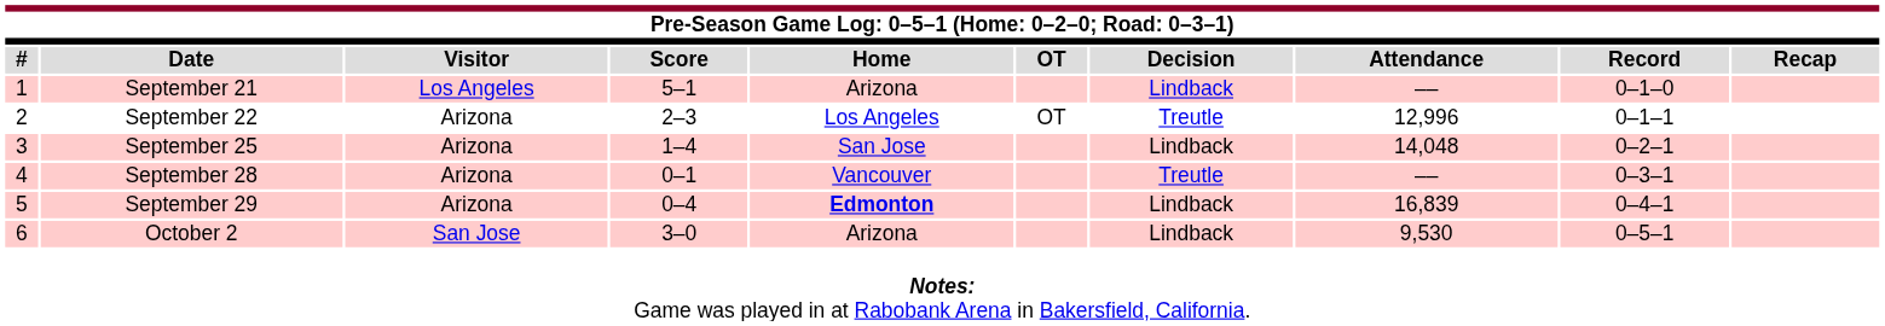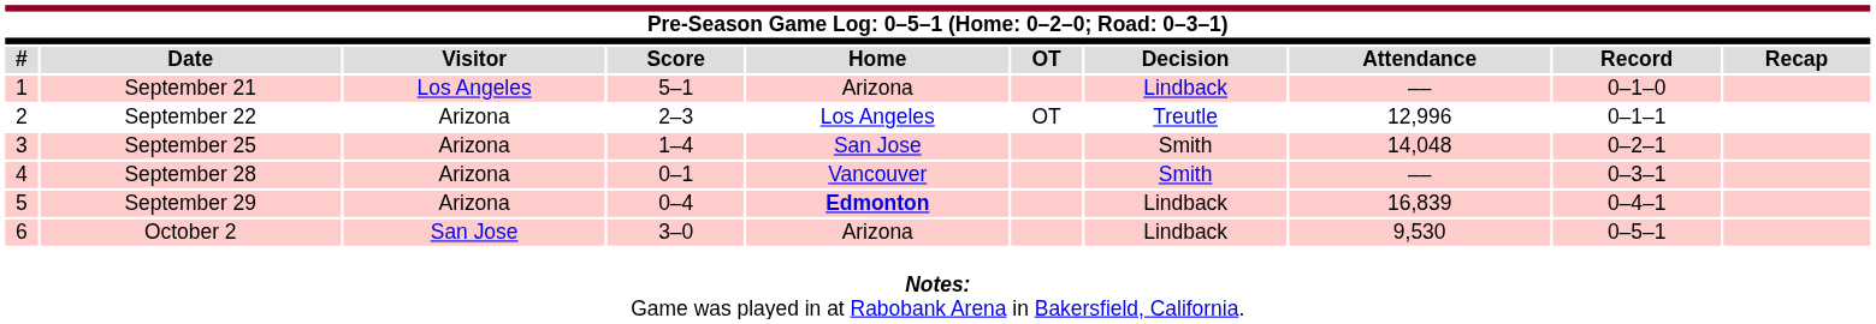 <table class="toccolours collapsible collapsed" style="width:90%; clear:both; margin:1.5em auto; text-align:center;">
 <tr>
 <th colspan=10 style="background:#fff; border-top:#8E0028 5px solid; border-bottom:#000000 5px solid;">Pre-Season Game Log: 0–5–1 (Home: 0–2–0; Road: 0–3–1)</th>
 </tr>
 <tr style="text-align:center; background:#ddd;">
 <th>#</th>
 <th>Date</th>
 <th>Visitor</th>
 <th>Score</th>
 <th>Home</th>
 <th>OT</th>
 <th>Decision</th>
 <th>Attendance</th>
 <th>Record</th>
 <th>Recap</th>
 </tr>
 <tr style="text-align:center; background:#fcc;">
 <td>1</td>
 <td>September 21</td>
 <td><a href='#'>Los Angeles</a></td>
 <td>5–1</td>
 <td>Arizona</td>
 <td></td>
 <td><a href='#'>Lindback</a></td>
 <td>––</td>
 <td>0–1–0</td>
 <td></td>
 </tr>
 <tr style="text-align:center; background:#fff;">
 <td>2</td>
 <td>September 22</td>
 <td>Arizona</td>
 <td>2–3</td>
 <td><a href='#'>Los Angeles</a></td>
 <td>OT</td>
 <td><a href='#'>Treutle</a></td>
 <td>12,996</td>
 <td>0–1–1</td>
 <td></td>
 </tr>
 <tr style="text-align:center; background:#fcc;">
 <td>3</td>
 <td>September 25</td>
 <td>Arizona</td>
 <td>1–4</td>
 <td><a href='#'>San Jose</a></td>
 <td></td>
-<td>Lindback</td>
+<td>Smith</td>
 <td>14,048</td>
 <td>0–2–1</td>
 <td></td>
 </tr>
 <tr style="text-align:center; background:#fcc;">
 <td>4</td>
 <td>September 28</td>
 <td>Arizona</td>
 <td>0–1</td>
 <td><a href='#'>Vancouver</a></td>
 <td></td>
-<td><a href='#'>Treutle</a></td>
+<td><a href='#'>Smith</a></td>
 <td>––</td>
 <td>0–3–1</td>
 <td></td>
 </tr>
 <tr style="text-align:center; background:#fcc;">
 <td>5</td>
 <td>September 29</td>
 <td>Arizona</td>
 <td>0–4</td>
 <td><strong><a href='#'>Edmonton</a></strong></td>
 <td></td>
 <td>Lindback</td>
 <td>16,839</td>
 <td>0–4–1</td>
 <td></td>
 </tr>
 <tr style="text-align:center; background:#fcc;">
 <td>6</td>
 <td>October 2</td>
 <td><a href='#'>San Jose</a></td>
 <td>3–0</td>
 <td>Arizona</td>
 <td></td>
 <td>Lindback</td>
 <td>9,530</td>
 <td>0–5–1</td>
 <td></td>
 </tr>
 <tr>
 <td colspan="10" style="text-align:center;"><br><strong><em>Notes:</em></strong><br> Game was played in at <a href='#'>Rabobank Arena</a> in <a href='#'>Bakersfield, California</a>.</td>
 </tr>
 </table>
